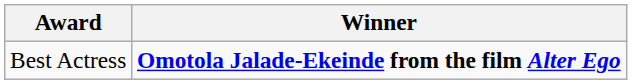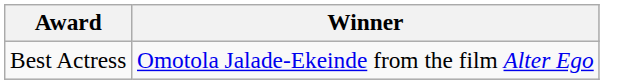 <table class="wikitable">
 <tr>
 <th>Award</th>
 <th>Winner</th>
 </tr>
 <tr>
 <td>Best Actress</td>
-<td><strong><a href='#'>Omotola Jalade-Ekeinde</a> from the film <em><a href='#'>Alter Ego</a></em></strong></td>
+<td><a href='#'>Omotola Jalade-Ekeinde</a> from the film <em><a href='#'>Alter Ego</a></em></td>
 </tr>
 </table>
